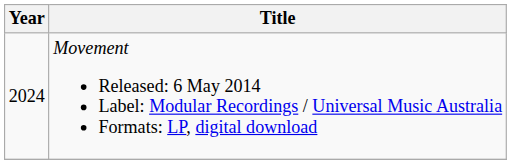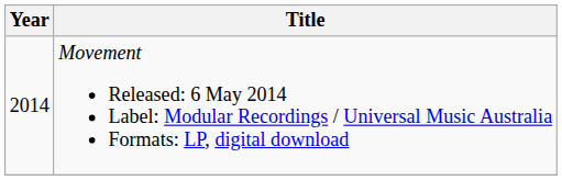 <table class="wikitable">
 <tr>
 <th rowspan="1">Year</th>
 <th rowspan="1">Title</th>
 </tr>
 <tr>
-<td>2024</td>
+<td>2014</td>
 <td><em>Movement</em><br><ul><li>Released: 6 May 2014</li><li>Label: <a href='#'>Modular Recordings</a> / <a href='#'>Universal Music Australia</a></li><li>Formats: <a href='#'>LP</a>, <a href='#'>digital download</a></li></ul></td>
 </tr>
 <tr>
 </tr>
 </table>
